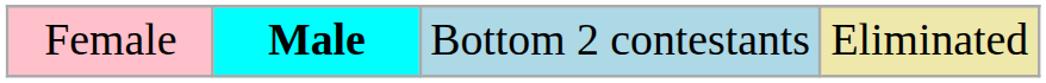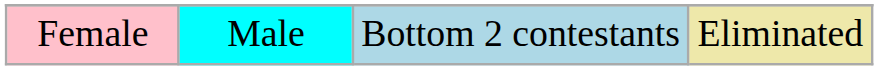 <table class="wikitable" style="margin:1em auto; text-align:center;">
 <tr>
 </tr>
 <tr>
 <td style="background:pink;" width="20%">Female</td>
-<td style="background:cyan;" width="20%"><strong>Male</strong></td>
+<td style="background:cyan;" width="20%">Male</td>
 <td style="background:lightblue;">Bottom 2 contestants</td>
 <td style="background:Palegoldenrod;">Eliminated</td>
 </tr>
 </table>
